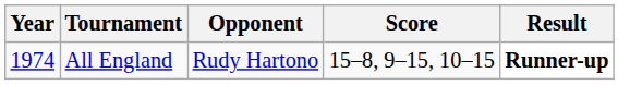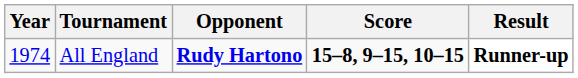 <table class="sortable wikitable" style="font-size: 90%;">
 <tr>
 <th>Year</th>
 <th>Tournament</th>
 <th>Opponent</th>
 <th>Score</th>
 <th>Result</th>
 </tr>
 <tr>
 <td align="center"><a href='#'>1974</a></td>
 <td><a href='#'>All England</a></td>
-<td> <a href='#'>Rudy Hartono</a></td>
-<td>15–8, 9–15, 10–15</td>
+<td><strong> <a href='#'>Rudy Hartono</a></strong></td>
+<td><strong>15–8, 9–15, 10–15</strong></td>
 <td style="text-align:left; background:white"> <strong>Runner-up</strong></td>
 </tr>
 </table>
